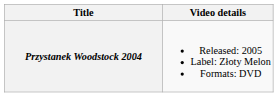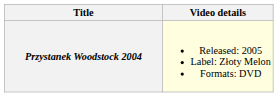 <table class="wikitable plainrowheaders" style="text-align:center;">
 <tr>
 <th scope="col" style="width:15em;">Title</th>
 <th scope="col">Video details</th>
 </tr>
 <tr>
 <th scope="row"><em>Przystanek Woodstock 2004</em></th>
-<td><br><ul><li>Released: 2005</li><li>Label: Złoty Melon</li><li>Formats: DVD</li></ul></td>
+<td style="background: lightyellow;"><br><ul><li>Released: 2005</li><li>Label: Złoty Melon</li><li>Formats: DVD</li></ul></td>
 </tr>
 </table>
